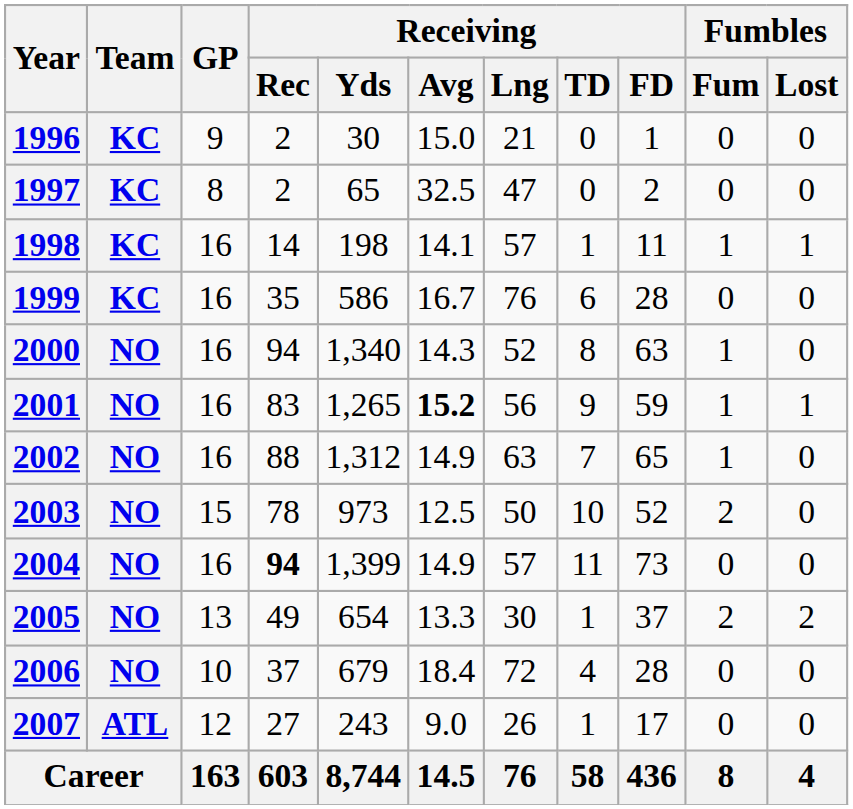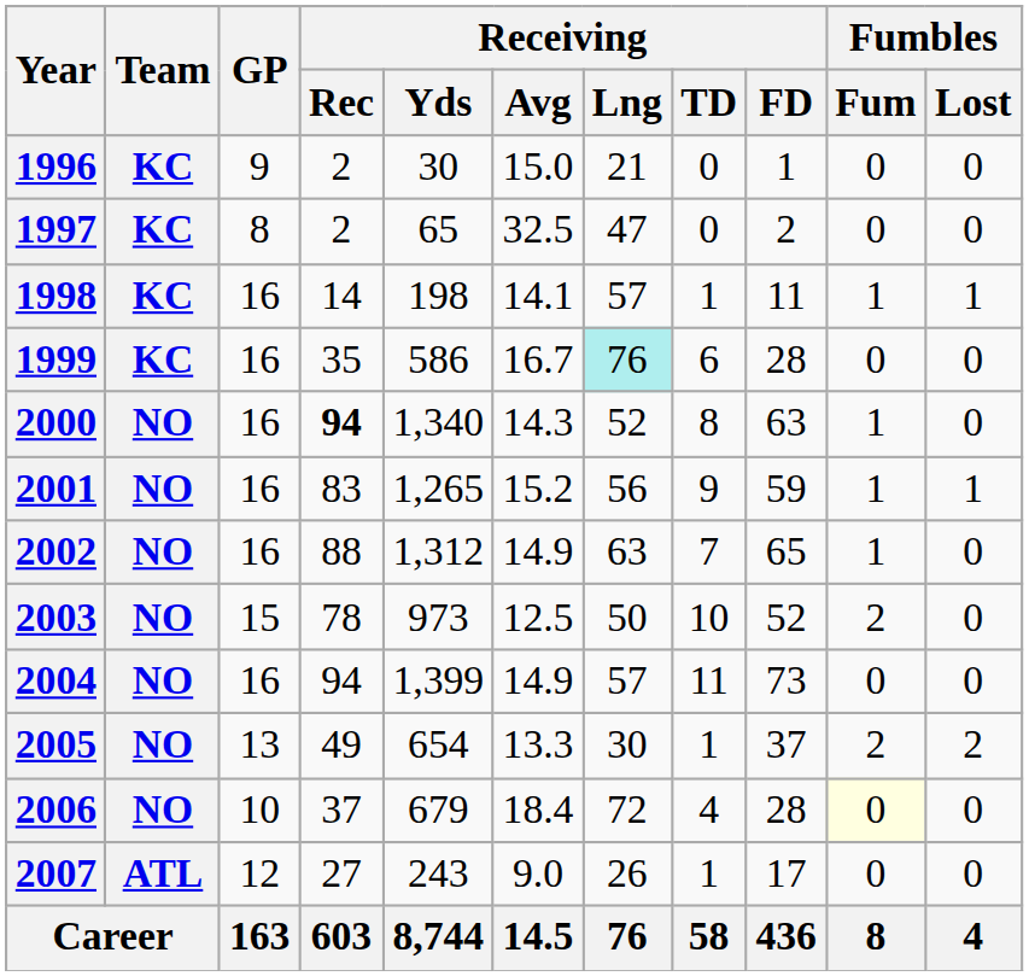 <table class="wikitable" style="text-align: center;">
 <tr>
 <th rowspan="2">Year</th>
 <th rowspan="2">Team</th>
 <th rowspan="2">GP</th>
 <th colspan="6">Receiving</th>
 <th colspan="2">Fumbles</th>
 </tr>
 <tr>
 <th>Rec</th>
 <th>Yds</th>
 <th>Avg</th>
 <th>Lng</th>
 <th>TD</th>
 <th>FD</th>
 <th>Fum</th>
 <th>Lost</th>
 </tr>
 <tr>
 <th><a href='#'>1996</a></th>
 <th><a href='#'>KC</a></th>
 <td>9</td>
 <td>2</td>
 <td>30</td>
 <td>15.0</td>
 <td>21</td>
 <td>0</td>
 <td>1</td>
 <td>0</td>
 <td>0</td>
 </tr>
 <tr>
 <th><a href='#'>1997</a></th>
 <th><a href='#'>KC</a></th>
 <td>8</td>
 <td>2</td>
 <td>65</td>
 <td>32.5</td>
 <td>47</td>
 <td>0</td>
 <td>2</td>
 <td>0</td>
 <td>0</td>
 </tr>
 <tr>
 <th><a href='#'>1998</a></th>
 <th><a href='#'>KC</a></th>
 <td>16</td>
 <td>14</td>
 <td>198</td>
 <td>14.1</td>
 <td>57</td>
 <td>1</td>
 <td>11</td>
 <td>1</td>
 <td>1</td>
 </tr>
 <tr>
 <th><a href='#'>1999</a></th>
 <th><a href='#'>KC</a></th>
 <td>16</td>
 <td>35</td>
 <td>586</td>
 <td>16.7</td>
-<td>76</td>
+<td style="background: paleturquoise;">76</td>
 <td>6</td>
 <td>28</td>
 <td>0</td>
 <td>0</td>
 </tr>
 <tr>
 <th><a href='#'>2000</a></th>
 <th><a href='#'>NO</a></th>
 <td>16</td>
-<td>94</td>
+<td><strong>94</strong></td>
 <td>1,340</td>
 <td>14.3</td>
 <td>52</td>
 <td>8</td>
 <td>63</td>
 <td>1</td>
 <td>0</td>
 </tr>
 <tr>
 <th><a href='#'>2001</a></th>
 <th><a href='#'>NO</a></th>
 <td>16</td>
 <td>83</td>
 <td>1,265</td>
-<td><strong>15.2</strong></td>
+<td>15.2</td>
 <td>56</td>
 <td>9</td>
 <td>59</td>
 <td>1</td>
 <td>1</td>
 </tr>
 <tr>
 <th><a href='#'>2002</a></th>
 <th><a href='#'>NO</a></th>
 <td>16</td>
 <td>88</td>
 <td>1,312</td>
 <td>14.9</td>
 <td>63</td>
 <td>7</td>
 <td>65</td>
 <td>1</td>
 <td>0</td>
 </tr>
 <tr>
 <th><a href='#'>2003</a></th>
 <th><a href='#'>NO</a></th>
 <td>15</td>
 <td>78</td>
 <td>973</td>
 <td>12.5</td>
 <td>50</td>
 <td>10</td>
 <td>52</td>
 <td>2</td>
 <td>0</td>
 </tr>
 <tr>
 <th><a href='#'>2004</a></th>
 <th><a href='#'>NO</a></th>
 <td>16</td>
-<td><strong>94</strong></td>
+<td>94</td>
 <td>1,399</td>
 <td>14.9</td>
 <td>57</td>
 <td>11</td>
 <td>73</td>
 <td>0</td>
 <td>0</td>
 </tr>
 <tr>
 <th><a href='#'>2005</a></th>
 <th><a href='#'>NO</a></th>
 <td>13</td>
 <td>49</td>
 <td>654</td>
 <td>13.3</td>
 <td>30</td>
 <td>1</td>
 <td>37</td>
 <td>2</td>
 <td>2</td>
 </tr>
 <tr>
 <th><a href='#'>2006</a></th>
 <th><a href='#'>NO</a></th>
 <td>10</td>
 <td>37</td>
 <td>679</td>
 <td>18.4</td>
 <td>72</td>
 <td>4</td>
 <td>28</td>
-<td>0</td>
+<td style="background: lightyellow;">0</td>
 <td>0</td>
 </tr>
 <tr>
 <th><a href='#'>2007</a></th>
 <th><a href='#'>ATL</a></th>
 <td>12</td>
 <td>27</td>
 <td>243</td>
 <td>9.0</td>
 <td>26</td>
 <td>1</td>
 <td>17</td>
 <td>0</td>
 <td>0</td>
 </tr>
 <tr>
 <th colspan="2">Career</th>
 <th>163</th>
 <th>603</th>
 <th>8,744</th>
 <th>14.5</th>
 <th>76</th>
 <th>58</th>
 <th>436</th>
 <th>8</th>
 <th>4</th>
 </tr>
 </table>
